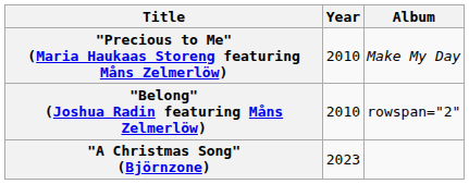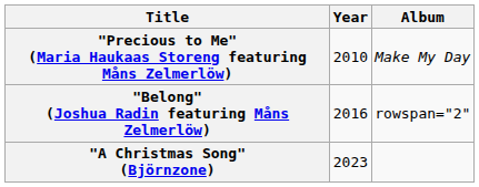 <table class="wikitable plainrowheaders" style="text-align:center;">
 <tr>
 <th scope="col" style="width:22em;">Title</th>
 <th scope="col" style="width:1em;">Year</th>
 <th scope="col">Album</th>
 </tr>
 <tr>
 <th scope="row">"Precious to Me"<br><span>(<a href='#'>Maria Haukaas Storeng</a> featuring  <a href='#'>Måns Zelmerlöw</a>)</span></th>
 <td>2010</td>
 <td><em>Make My Day</em></td>
 </tr>
 <tr>
 <th scope="row">"Belong"<br><span>(<a href='#'>Joshua Radin</a> featuring <a href='#'>Måns Zelmerlöw</a>)</span></th>
-<td>2010</td>
+<td>2016</td>
 <td>rowspan="2" </td>
 </tr>
 <tr>
 <th scope="row">"A Christmas Song"<br><span>(<a href='#'>Björnzone</a>)</span></th>
 <td>2023</td>
 </tr>
 </table>
